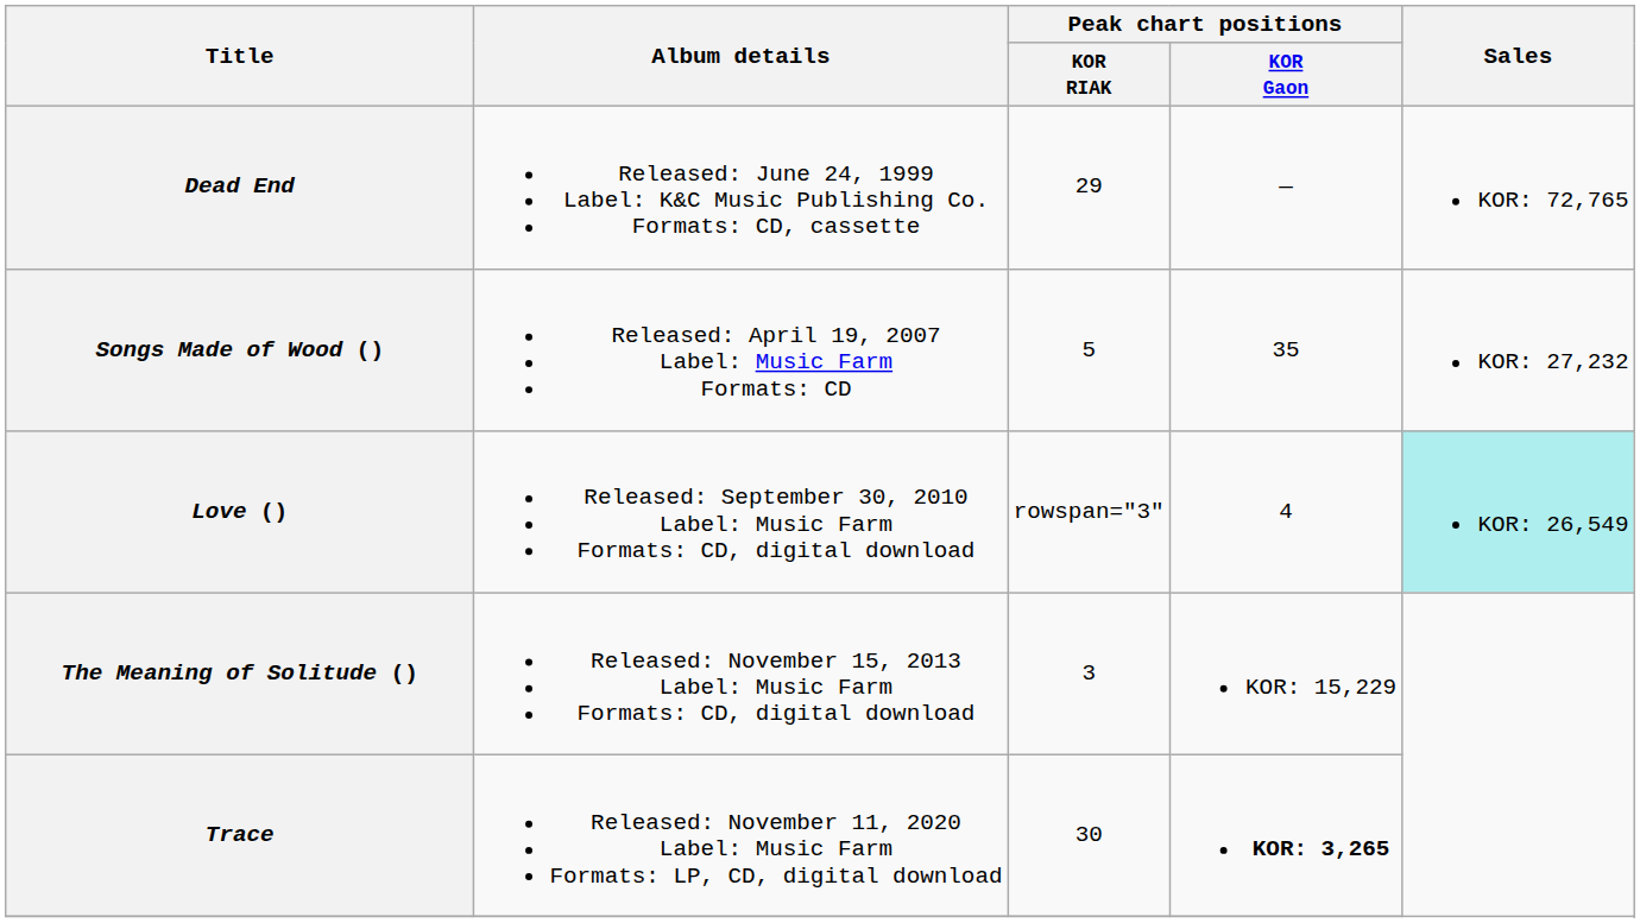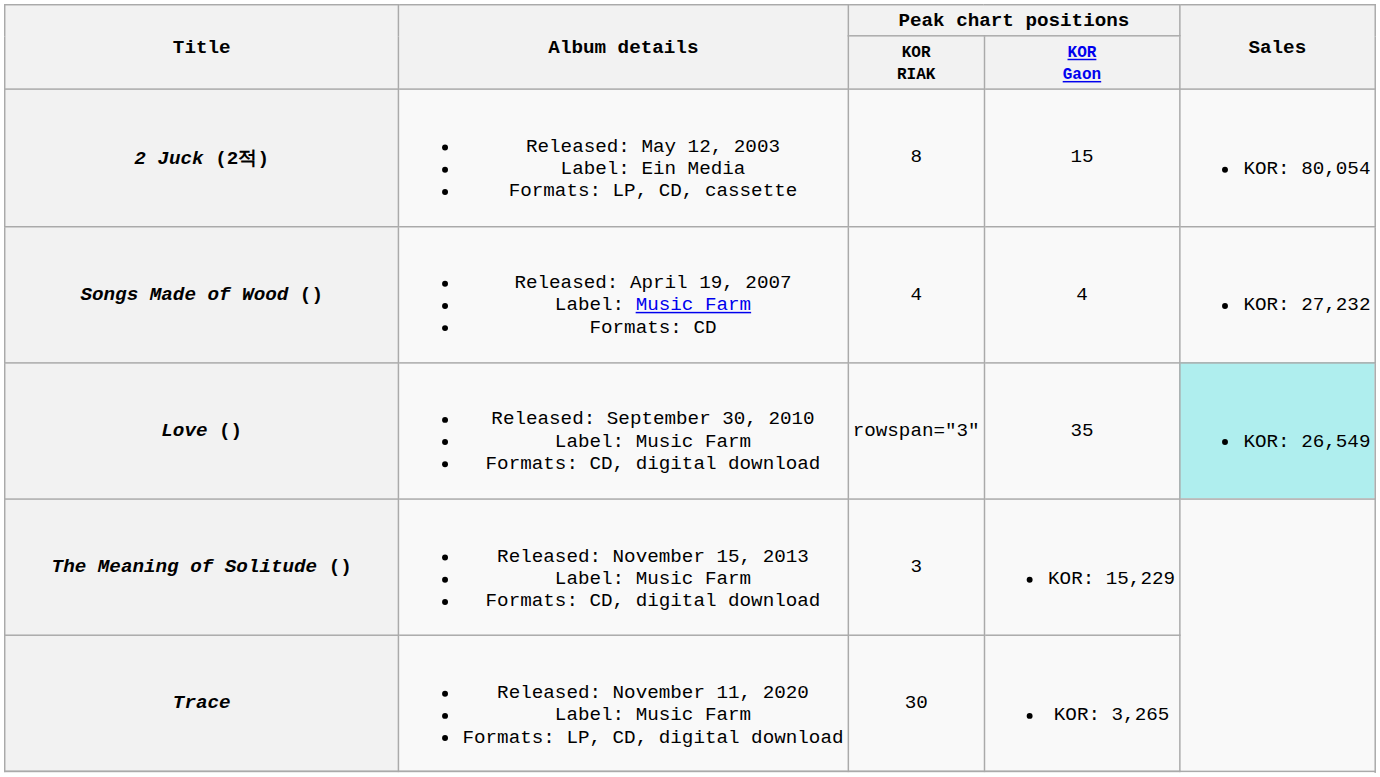 <table class="wikitable plainrowheaders" style="text-align:center;">
 <tr>
 <th scope="col" rowspan="2" style="width:20em;">Title</th>
 <th scope="col" rowspan="2">Album details</th>
 <th colspan="2" scope="col" style="width:5em;">Peak chart positions</th>
 <th scope="col" rowspan="2">Sales</th>
 </tr>
 <tr>
 <th><small>KOR<br>RIAK</small><br></th>
 <th><small><a href='#'>KOR<br>Gaon</a></small><br></th>
 </tr>
 <tr>
-<th scope="row"><em>Dead End</em></th>
-<td><br><ul><li>Released: June 24, 1999</li><li>Label: K&C Music Publishing Co.</li><li>Formats: CD, cassette</li></ul></td>
-<td>29</td>
-<td>—</td>
-<td><br><ul><li>KOR: 72,765</li></ul></td>
+<th scope="row"><em>2 Juck</em> (2적)</th>
+<td><br><ul><li>Released: May 12, 2003</li><li>Label: Ein Media</li><li>Formats: LP, CD, cassette</li></ul></td>
+<td>8</td>
+<td>15</td>
+<td><br><ul><li>KOR: 80,054</li></ul></td>
 </tr>
 <tr>
 <th scope="row"><em>Songs Made of Wood</em> ()</th>
 <td><br><ul><li>Released: April 19, 2007</li><li>Label: <a href='#'>Music Farm</a></li><li>Formats: CD</li></ul></td>
-<td>5</td>
-<td>35</td>
+<td>4</td>
+<td>4</td>
 <td><br><ul><li>KOR: 27,232</li></ul></td>
 </tr>
 <tr>
 <th scope="row"><em>Love</em> ()</th>
 <td><br><ul><li>Released: September 30, 2010</li><li>Label: Music Farm</li><li>Formats: CD, digital download</li></ul></td>
 <td>rowspan="3" </td>
-<td>4</td>
+<td>35</td>
 <td style="background: paleturquoise;"><br><ul><li>KOR: 26,549</li></ul></td>
 </tr>
 <tr>
 <th scope="row"><em>The Meaning of Solitude</em> ()</th>
 <td><br><ul><li>Released: November 15, 2013</li><li>Label: Music Farm</li><li>Formats: CD, digital download</li></ul></td>
 <td>3</td>
 <td><br><ul><li>KOR: 15,229</li></ul></td>
 </tr>
 <tr>
 <th scope="row"><em>Trace</em></th>
 <td><br><ul><li>Released: November 11, 2020</li><li>Label: Music Farm</li><li>Formats: LP, CD, digital download</li></ul></td>
 <td>30</td>
-<td><strong><br><ul><li>KOR: 3,265</li></ul></strong></td>
+<td><br><ul><li>KOR: 3,265</li></ul></td>
 </tr>
 <tr>
 </tr>
 </table>
